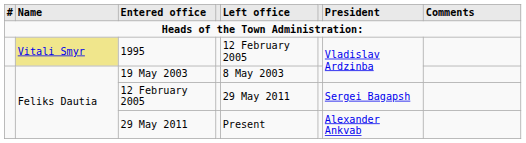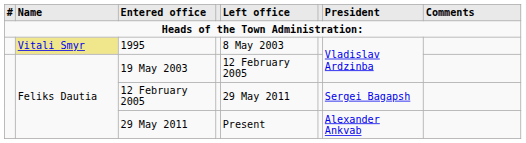 <table class="wikitable" style="width:75%;">
 <tr style="background:#e9e9e9; font-weight:bold; text-align:left;">
 <td>#</td>
 <td width=240>Name</td>
 <td width=200>Entered office</td>
 <td></td>
 <td width=200>Left office</td>
 <td></td>
 <td width=200>President</td>
 <td width=200>Comments</td>
 </tr>
 <tr>
 <td colspan=8 align=center><strong>Heads of the Town Administration:</strong></td>
 </tr>
 <tr>
 <td></td>
 <td style="background: khaki;"><a href='#'>Vitali Smyr</a></td>
 <td>1995</td>
 <td></td>
-<td>12 February 2005</td>
+<td>8 May 2003</td>
 <td></td>
 <td rowspan=2><a href='#'>Vladislav Ardzinba</a></td>
 <td></td>
 </tr>
 <tr>
 <td rowspan=3></td>
 <td rowspan=3>Feliks Dautia</td>
 <td>19 May 2003</td>
 <td></td>
-<td>8 May 2003</td>
+<td>12 February 2005</td>
 <td></td>
 <td></td>
 </tr>
 <tr>
 <td>12 February 2005</td>
 <td></td>
 <td>29 May 2011</td>
 <td></td>
 <td><a href='#'>Sergei Bagapsh</a></td>
 <td></td>
 </tr>
 <tr>
 <td>29 May 2011</td>
 <td></td>
 <td>Present</td>
 <td></td>
 <td><a href='#'>Alexander Ankvab</a></td>
 <td></td>
 </tr>
 </table>
